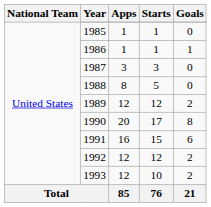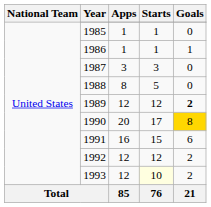 <table class="wikitable" style="text-align:center">
 <tr>
 <th>National Team</th>
 <th>Year</th>
 <th>Apps</th>
 <th>Starts</th>
 <th>Goals</th>
 </tr>
 <tr>
 <td rowspan="10"><a href='#'>United States</a></td>
 </tr>
 <tr>
 <td>1985</td>
 <td>1</td>
 <td>1</td>
 <td>0</td>
 </tr>
 <tr>
 <td>1986</td>
 <td>1</td>
 <td>1</td>
 <td>1</td>
 </tr>
 <tr>
 <td>1987</td>
 <td>3</td>
 <td>3</td>
 <td>0</td>
 </tr>
 <tr>
 <td>1988</td>
 <td>8</td>
 <td>5</td>
 <td>0</td>
 </tr>
 <tr>
 <td>1989</td>
 <td>12</td>
 <td>12</td>
-<td>2</td>
+<td><strong>2</strong></td>
 </tr>
 <tr>
 <td>1990</td>
 <td>20</td>
 <td>17</td>
-<td>8</td>
+<td style="background: gold;">8</td>
 </tr>
 <tr>
 <td>1991</td>
 <td>16</td>
 <td>15</td>
 <td>6</td>
 </tr>
 <tr>
 <td>1992</td>
 <td>12</td>
 <td>12</td>
 <td>2</td>
 </tr>
 <tr>
 <td>1993</td>
 <td>12</td>
-<td>10</td>
+<td style="background: lightyellow;">10</td>
 <td>2</td>
 </tr>
 <tr>
 <th colspan=2>Total</th>
 <th>85</th>
 <th>76</th>
 <th>21</th>
 </tr>
 </table>
